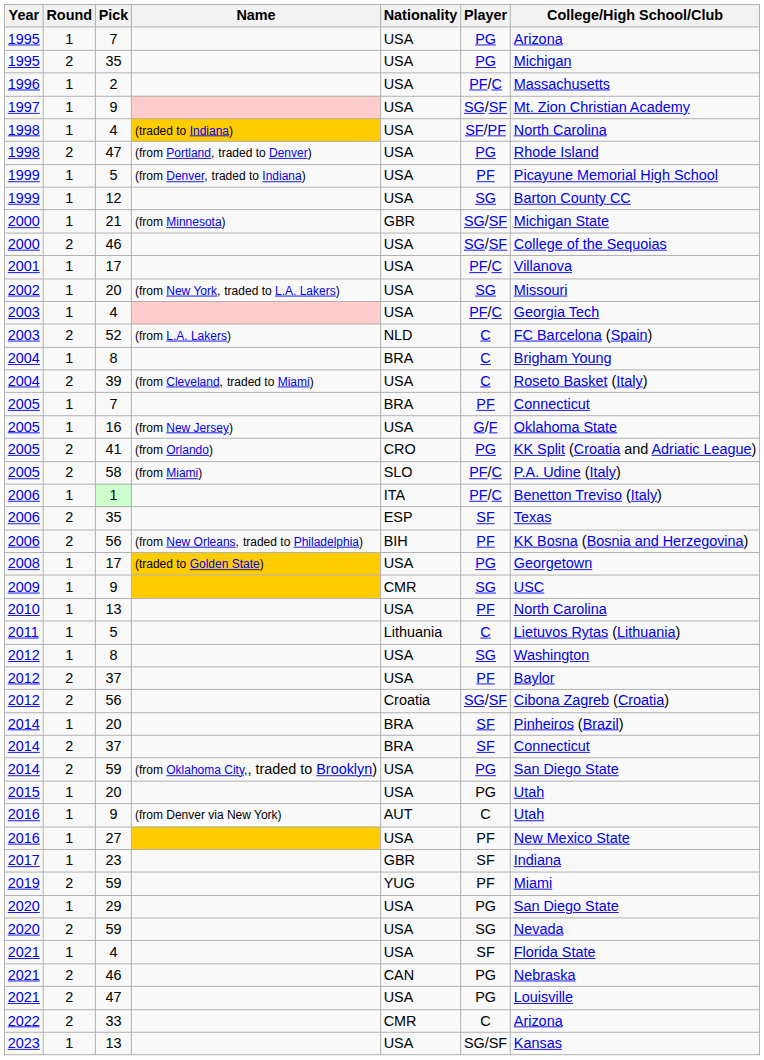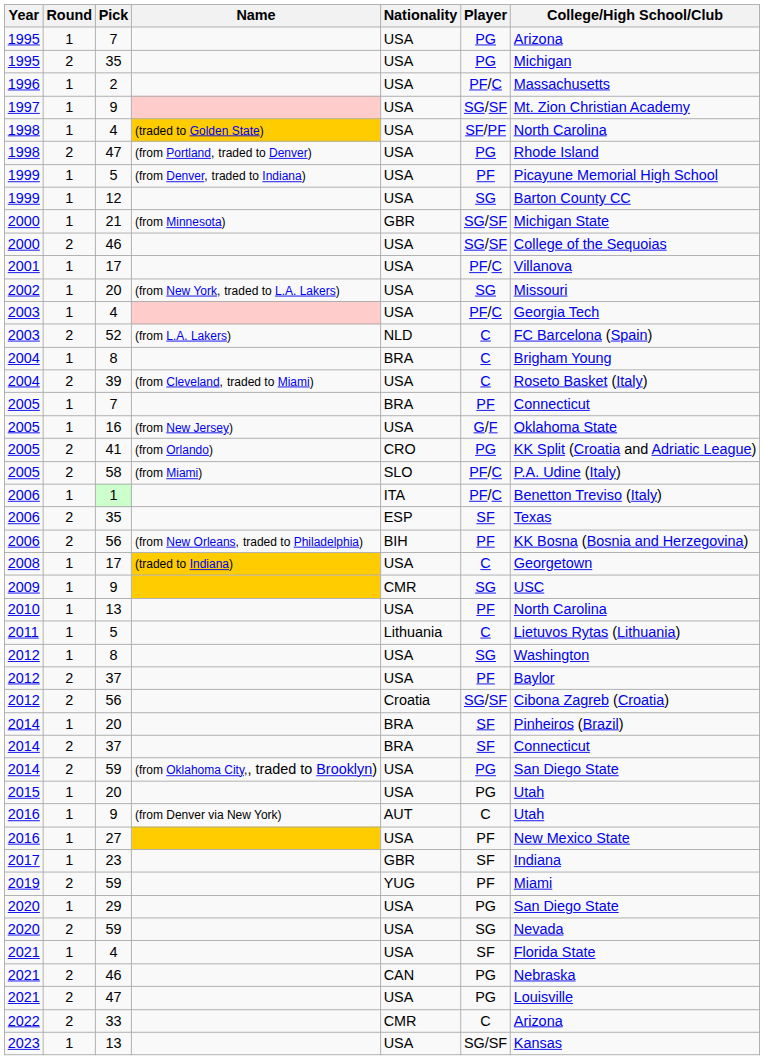 <table class="wikitable sortable">
 <tr>
 <th>Year</th>
 <th>Round</th>
 <th>Pick</th>
 <th>Name</th>
 <th>Nationality</th>
 <th>Player</th>
 <th>College/High School/Club</th>
 </tr>
 <tr>
 <td><a href='#'>1995</a></td>
 <td align=center>1</td>
 <td align=center>7</td>
 <td></td>
 <td><span>USA</span> </td>
 <td align=center><a href='#'>PG</a></td>
 <td><a href='#'>Arizona</a></td>
 </tr>
 <tr>
 <td><a href='#'>1995</a></td>
 <td align=center>2</td>
 <td align=center>35</td>
 <td></td>
 <td><span>USA</span> </td>
 <td align=center><a href='#'>PG</a></td>
 <td><a href='#'>Michigan</a></td>
 </tr>
 <tr>
 <td><a href='#'>1996</a></td>
 <td align=center>1</td>
 <td align=center>2</td>
 <td></td>
 <td><span>USA</span> </td>
 <td align=center><a href='#'>PF</a>/<a href='#'>C</a></td>
 <td><a href='#'>Massachusetts</a></td>
 </tr>
 <tr>
 <td><a href='#'>1997</a></td>
 <td align=center>1</td>
 <td align=center>9</td>
 <td bgcolor="#FFCCCC"></td>
 <td><span>USA</span> </td>
 <td align=center><a href='#'>SG</a>/<a href='#'>SF</a></td>
 <td><a href='#'>Mt. Zion Christian Academy</a></td>
 </tr>
 <tr>
 <td><a href='#'>1998</a></td>
 <td align=center>1</td>
 <td align=center>4</td>
-<td bgcolor="FFCC00"> <small>(traded to <a href='#'>Indiana</a>)</small></td>
+<td bgcolor="FFCC00"> <small>(traded to <a href='#'>Golden State</a>)</small></td>
 <td><span>USA</span> </td>
 <td align=center><a href='#'>SF</a>/<a href='#'>PF</a></td>
 <td><a href='#'>North Carolina</a></td>
 </tr>
 <tr>
 <td><a href='#'>1998</a></td>
 <td align=center>2</td>
 <td align=center>47</td>
 <td> <small>(from <a href='#'>Portland</a>,</small> <small>traded to <a href='#'>Denver</a>)</small></td>
 <td><span>USA</span> </td>
 <td align=center><a href='#'>PG</a></td>
 <td><a href='#'>Rhode Island</a></td>
 </tr>
 <tr>
 <td><a href='#'>1999</a></td>
 <td align=center>1</td>
 <td align=center>5</td>
 <td> <small>(from <a href='#'>Denver</a>,</small> <small>traded to <a href='#'>Indiana</a>)</small></td>
 <td><span>USA</span> </td>
 <td align=center><a href='#'>PF</a></td>
 <td><a href='#'>Picayune Memorial High School</a></td>
 </tr>
 <tr>
 <td><a href='#'>1999</a></td>
 <td align=center>1</td>
 <td align=center>12</td>
 <td></td>
 <td><span>USA</span></td>
 <td align=center><a href='#'>SG</a></td>
 <td><a href='#'>Barton County CC</a></td>
 </tr>
 <tr>
 <td><a href='#'>2000</a></td>
 <td align=center>1</td>
 <td align=center>21</td>
 <td> <small>(from <a href='#'>Minnesota</a>)</small></td>
 <td><span>GBR</span></td>
 <td align=center><a href='#'>SG</a>/<a href='#'>SF</a></td>
 <td><a href='#'>Michigan State</a></td>
 </tr>
 <tr>
 <td><a href='#'>2000</a></td>
 <td align=center>2</td>
 <td align=center>46</td>
 <td></td>
 <td><span>USA</span> </td>
 <td align=center><a href='#'>SG</a>/<a href='#'>SF</a></td>
 <td><a href='#'>College of the Sequoias</a></td>
 </tr>
 <tr>
 <td><a href='#'>2001</a></td>
 <td align=center>1</td>
 <td align=center>17</td>
 <td></td>
 <td><span>USA</span> </td>
 <td align=center><a href='#'>PF</a>/<a href='#'>C</a></td>
 <td><a href='#'>Villanova</a></td>
 </tr>
 <tr>
 <td><a href='#'>2002</a></td>
 <td align=center>1</td>
 <td align=center>20</td>
 <td> <small>(from <a href='#'>New York</a>,</small> <small>traded to <a href='#'>L.A. Lakers</a>)</small></td>
 <td><span>USA</span> </td>
 <td align=center><a href='#'>SG</a></td>
 <td><a href='#'>Missouri</a></td>
 </tr>
 <tr>
 <td><a href='#'>2003</a></td>
 <td align=center>1</td>
 <td align=center>4</td>
 <td bgcolor="#FFCCCC"></td>
 <td><span>USA</span> </td>
 <td align=center><a href='#'>PF</a>/<a href='#'>C</a></td>
 <td><a href='#'>Georgia Tech</a></td>
 </tr>
 <tr>
 <td><a href='#'>2003</a></td>
 <td align=center>2</td>
 <td align=center>52</td>
 <td> <small>(from <a href='#'>L.A. Lakers</a>)</small></td>
 <td><span>NLD</span> </td>
 <td align=center><a href='#'>C</a></td>
 <td><a href='#'>FC Barcelona</a> (<a href='#'>Spain</a>)</td>
 </tr>
 <tr>
 <td><a href='#'>2004</a></td>
 <td align=center>1</td>
 <td align=center>8</td>
 <td></td>
 <td><span>BRA</span> </td>
 <td align=center><a href='#'>C</a></td>
 <td><a href='#'>Brigham Young</a></td>
 </tr>
 <tr>
 <td><a href='#'>2004</a></td>
 <td align=center>2</td>
 <td align=center>39</td>
 <td> <small>(from <a href='#'>Cleveland</a>,</small> <small>traded to <a href='#'>Miami</a>)</small></td>
 <td><span>USA</span> </td>
 <td align=center><a href='#'>C</a></td>
 <td><a href='#'>Roseto Basket</a> (<a href='#'>Italy</a>)</td>
 </tr>
 <tr>
 <td><a href='#'>2005</a></td>
 <td align=center>1</td>
 <td align=center>7</td>
 <td></td>
 <td><span>BRA</span> </td>
 <td align=center><a href='#'>PF</a></td>
 <td><a href='#'>Connecticut</a></td>
 </tr>
 <tr>
 <td><a href='#'>2005</a></td>
 <td align=center>1</td>
 <td align=center>16</td>
 <td> <small>(from <a href='#'>New Jersey</a>)</small></td>
 <td><span>USA</span> </td>
 <td align=center><a href='#'>G</a>/<a href='#'>F</a></td>
 <td><a href='#'>Oklahoma State</a></td>
 </tr>
 <tr>
 <td><a href='#'>2005</a></td>
 <td align=center>2</td>
 <td align=center>41</td>
 <td> <small>(from <a href='#'>Orlando</a>)</small></td>
 <td><span>CRO</span> </td>
 <td align=center><a href='#'>PG</a></td>
 <td><a href='#'>KK Split</a> (<a href='#'>Croatia</a> and <a href='#'>Adriatic League</a>)</td>
 </tr>
 <tr>
 <td><a href='#'>2005</a></td>
 <td align=center>2</td>
 <td align=center>58</td>
 <td> <small>(from <a href='#'>Miami</a>)</small></td>
 <td><span>SLO</span> </td>
 <td align=center><a href='#'>PF</a>/<a href='#'>C</a></td>
 <td><a href='#'>P.A. Udine</a> (<a href='#'>Italy</a>)</td>
 </tr>
 <tr>
 <td><a href='#'>2006</a></td>
 <td align=center>1</td>
 <td align=center style="background:#CCFFCC">1</td>
 <td></td>
 <td><span>ITA</span> </td>
 <td align=center><a href='#'>PF</a>/<a href='#'>C</a></td>
 <td><a href='#'>Benetton Treviso</a> (<a href='#'>Italy</a>)</td>
 </tr>
 <tr>
 <td><a href='#'>2006</a></td>
 <td align=center>2</td>
 <td align=center>35</td>
 <td></td>
 <td><span>ESP</span> </td>
 <td align=center><a href='#'>SF</a></td>
 <td><a href='#'>Texas</a></td>
 </tr>
 <tr>
 <td><a href='#'>2006</a></td>
 <td align=center>2</td>
 <td align=center>56</td>
 <td> <small>(from <a href='#'>New Orleans</a>,</small> <small>traded to <a href='#'>Philadelphia</a>)</small></td>
 <td><span>BIH</span> </td>
 <td align=center><a href='#'>PF</a></td>
 <td><a href='#'>KK Bosna</a> (<a href='#'>Bosnia and Herzegovina</a>)</td>
 </tr>
 <tr>
 <td><a href='#'>2008</a></td>
 <td align=center>1</td>
 <td align=center>17</td>
-<td bgcolor="FFCC00"> <small>(traded to <a href='#'>Golden State</a>)</small></td>
+<td bgcolor="FFCC00"> <small>(traded to <a href='#'>Indiana</a>)</small></td>
 <td><span>USA</span> </td>
-<td align=center><a href='#'>PG</a></td>
+<td align=center><a href='#'>C</a></td>
 <td><a href='#'>Georgetown</a></td>
 </tr>
 <tr>
 <td><a href='#'>2009</a></td>
 <td align=center>1</td>
 <td align=center>9</td>
 <td bgcolor="FFCC00"></td>
 <td><span>CMR</span></td>
 <td align=center><a href='#'>SG</a></td>
 <td><a href='#'>USC</a></td>
 </tr>
 <tr>
 <td><a href='#'>2010</a></td>
 <td align=center>1</td>
 <td align=center>13</td>
 <td></td>
 <td><span>USA</span> </td>
 <td align=center><a href='#'>PF</a></td>
 <td><a href='#'>North Carolina</a></td>
 </tr>
 <tr>
 <td><a href='#'>2011</a></td>
 <td align=center>1</td>
 <td align=center>5</td>
 <td></td>
 <td><span>Lithuania</span> </td>
 <td align=center><a href='#'>C</a></td>
 <td><a href='#'>Lietuvos Rytas</a> (<a href='#'>Lithuania</a>)</td>
 </tr>
 <tr>
 <td><a href='#'>2012</a></td>
 <td align=center>1</td>
 <td align=center>8</td>
 <td></td>
 <td><span>USA</span> </td>
 <td align=center><a href='#'>SG</a></td>
 <td><a href='#'>Washington</a></td>
 </tr>
 <tr>
 <td><a href='#'>2012</a></td>
 <td align=center>2</td>
 <td align=center>37</td>
 <td></td>
 <td><span>USA</span> </td>
 <td align=center><a href='#'>PF</a></td>
 <td><a href='#'>Baylor</a></td>
 </tr>
 <tr>
 <td><a href='#'>2012</a></td>
 <td align=center>2</td>
 <td align=center>56</td>
 <td></td>
 <td><span>Croatia</span> </td>
 <td align=center><a href='#'>SG</a>/<a href='#'>SF</a></td>
 <td><a href='#'>Cibona Zagreb</a> (<a href='#'>Croatia</a>)</td>
 </tr>
 <tr>
 <td><a href='#'>2014</a></td>
 <td align=center>1</td>
 <td align=center>20</td>
 <td></td>
 <td><span>BRA</span> </td>
 <td align=center><a href='#'>SF</a></td>
 <td><a href='#'>Pinheiros</a> (<a href='#'>Brazil</a>)</td>
 </tr>
 <tr>
 <td><a href='#'>2014</a></td>
 <td align=center>2</td>
 <td align=center>37</td>
 <td></td>
 <td><span>BRA</span> </td>
 <td align=center><a href='#'>SF</a></td>
 <td><a href='#'>Connecticut</a></td>
 </tr>
 <tr>
 <td><a href='#'>2014</a></td>
 <td align=center>2</td>
 <td align=center>59</td>
 <td> <small>(from <a href='#'>Oklahoma City</a>,</small>, traded to <a href='#'>Brooklyn</a>)</td>
 <td><span>USA</span> </td>
 <td align=center><a href='#'>PG</a></td>
 <td><a href='#'>San Diego State</a></td>
 </tr>
 <tr>
 <td><a href='#'>2015</a></td>
 <td align=center>1</td>
 <td align=center>20</td>
 <td></td>
 <td><span>USA</span></td>
 <td align=center>PG</td>
 <td><a href='#'>Utah</a></td>
 </tr>
 <tr>
 <td><a href='#'>2016</a></td>
 <td align=center>1</td>
 <td align=center>9</td>
 <td> <small>(from Denver via New York)</small></td>
 <td><span>AUT</span></td>
 <td align=center>C</td>
 <td><a href='#'>Utah</a></td>
 </tr>
 <tr>
 <td><a href='#'>2016</a></td>
 <td align=center>1</td>
 <td align=center>27</td>
 <td bgcolor="FFCC00"></td>
 <td><span>USA</span> </td>
 <td align=center>PF</td>
 <td><a href='#'>New Mexico State</a></td>
 </tr>
 <tr>
 <td><a href='#'>2017</a></td>
 <td align=center>1</td>
 <td align=center>23</td>
 <td></td>
 <td><span>GBR</span></td>
 <td align=center>SF</td>
 <td><a href='#'>Indiana</a></td>
 </tr>
 <tr>
 <td><a href='#'>2019</a></td>
 <td align=center>2</td>
 <td align=center>59</td>
 <td></td>
 <td><span>YUG</span> </td>
 <td align=center>PF</td>
 <td><a href='#'>Miami</a></td>
 </tr>
 <tr>
 <td><a href='#'>2020</a></td>
 <td align=center>1</td>
 <td align=center>29</td>
 <td></td>
 <td><span>USA</span></td>
 <td align=center>PG</td>
 <td><a href='#'>San Diego State</a></td>
 </tr>
 <tr>
 <td><a href='#'>2020</a></td>
 <td align=center>2</td>
 <td align=center>59</td>
 <td></td>
 <td><span>USA</span></td>
 <td align=center>SG</td>
 <td><a href='#'>Nevada</a></td>
 </tr>
 <tr>
 <td><a href='#'>2021</a></td>
 <td align=center>1</td>
 <td align=center>4</td>
 <td></td>
 <td><span>USA</span></td>
 <td align=center>SF</td>
 <td><a href='#'>Florida State</a></td>
 </tr>
 <tr>
 <td><a href='#'>2021</a></td>
 <td align=center>2</td>
 <td align=center>46</td>
 <td></td>
 <td><span>CAN</span></td>
 <td align=center>PG</td>
 <td><a href='#'>Nebraska</a></td>
 </tr>
 <tr>
 <td><a href='#'>2021</a></td>
 <td align=center>2</td>
 <td align=center>47</td>
 <td></td>
 <td><span>USA</span></td>
 <td align=center>PG</td>
 <td><a href='#'>Louisville</a></td>
 </tr>
 <tr>
 <td><a href='#'>2022</a></td>
 <td align=center>2</td>
 <td align=center>33</td>
 <td></td>
 <td><span>CMR</span></td>
 <td align=center>C</td>
 <td><a href='#'>Arizona</a></td>
 </tr>
 <tr>
 <td><a href='#'>2023</a></td>
 <td align=center>1</td>
 <td align=center>13</td>
 <td></td>
 <td><span>USA</span></td>
 <td align=center>SG/SF</td>
 <td><a href='#'>Kansas</a></td>
 </tr>
 </table>
